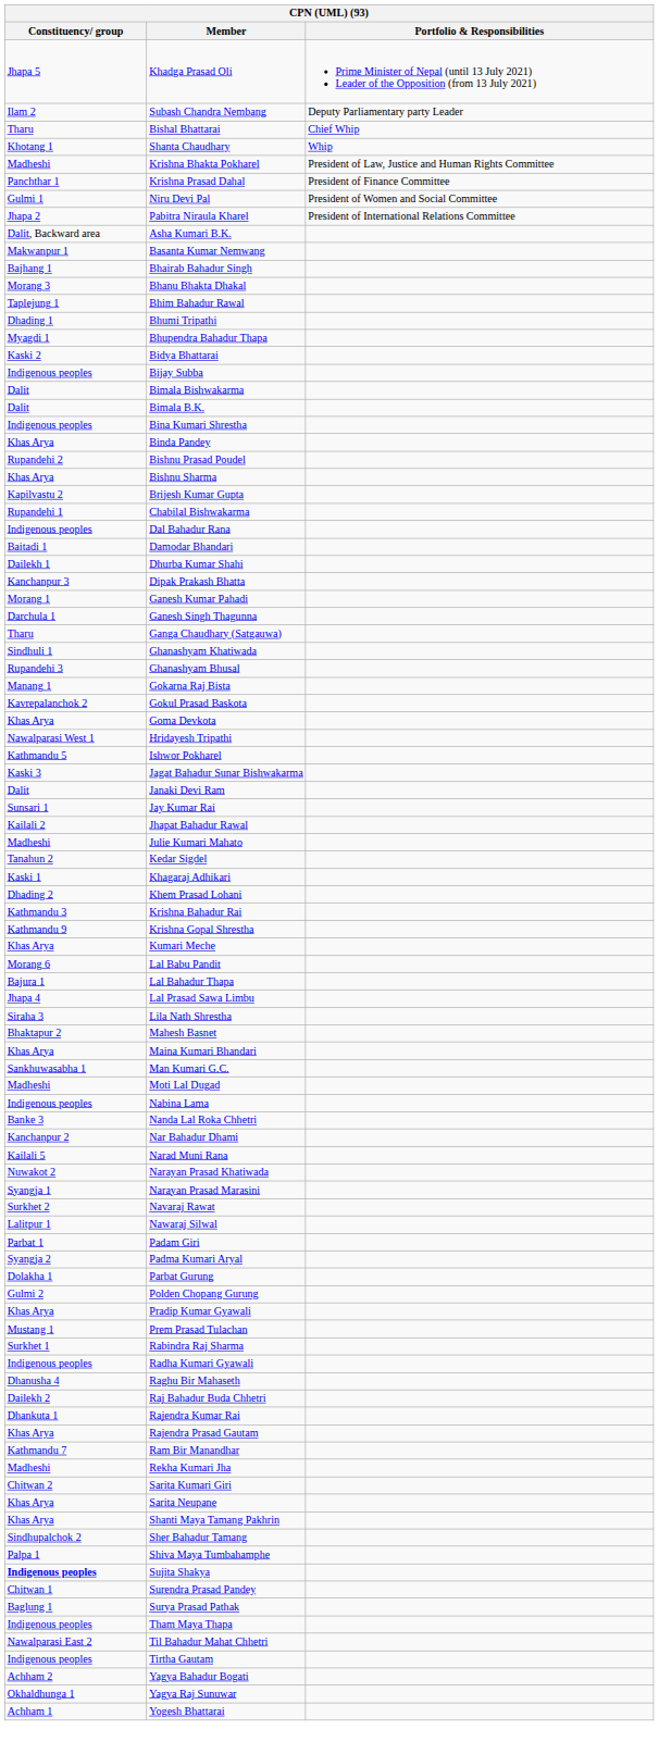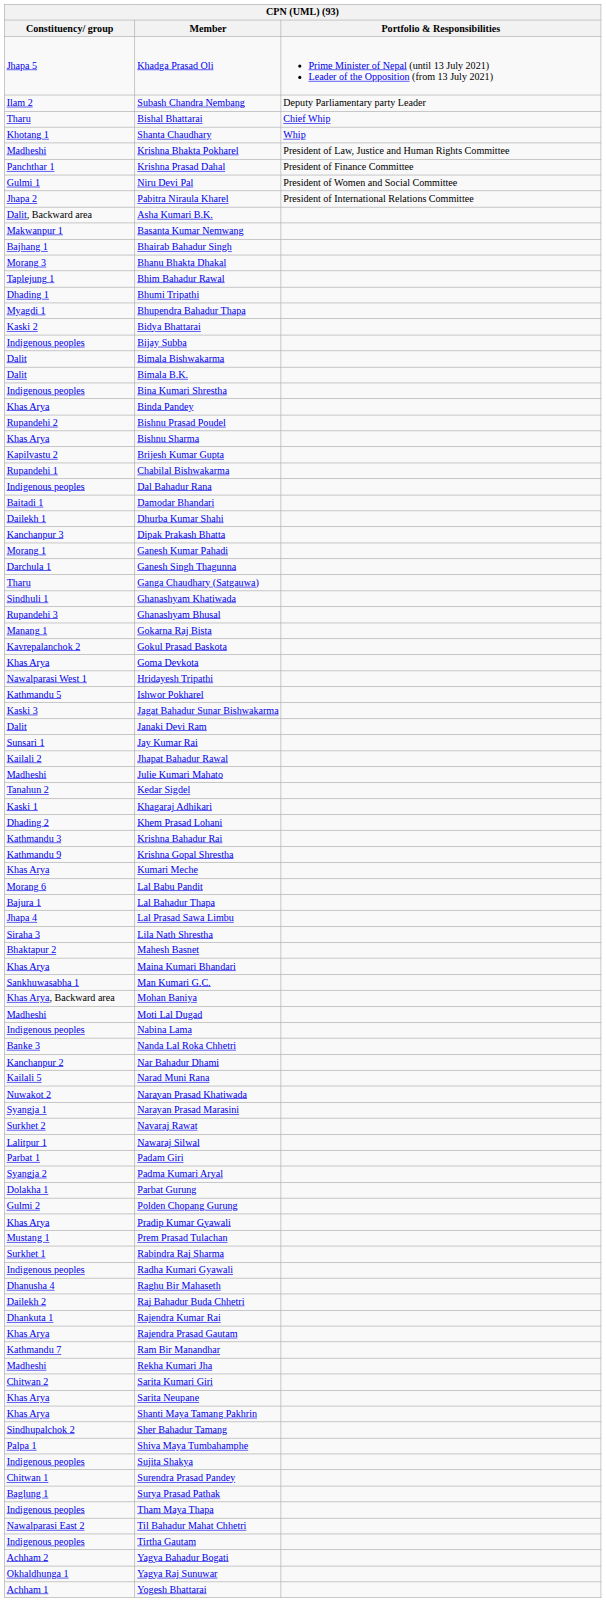 <table class="wikitable sortable mw-collapsible mw-collapsed">
 <tr>
 <th colspan="3" style="width: 700pt; background:">CPN (UML) (93)</th>
 </tr>
 <tr>
 <th style="width:150pt;">Constituency/ group</th>
 <th>Member</th>
 <th style="width:375pt;">Portfolio & Responsibilities</th>
 </tr>
 <tr>
 <td><a href='#'>Jhapa 5</a></td>
 <td><a href='#'>Khadga Prasad Oli</a></td>
 <td><br><ul><li><a href='#'>Prime Minister of Nepal</a> (until 13 July 2021)</li><li><a href='#'>Leader of the Opposition</a> (from 13 July 2021)</li></ul></td>
 </tr>
 <tr>
 <td><a href='#'>Ilam 2</a></td>
 <td><a href='#'>Subash Chandra Nembang</a></td>
 <td>Deputy Parliamentary party Leader</td>
 </tr>
 <tr>
 <td><a href='#'>Tharu</a></td>
 <td><a href='#'>Bishal Bhattarai</a></td>
 <td><a href='#'>Chief Whip</a></td>
 </tr>
 <tr>
 <td><a href='#'>Khotang 1</a></td>
 <td><a href='#'>Shanta Chaudhary</a></td>
 <td><a href='#'>Whip</a></td>
 </tr>
 <tr>
 <td><a href='#'>Madheshi</a></td>
 <td><a href='#'>Krishna Bhakta Pokharel</a></td>
 <td>President of Law, Justice and Human Rights Committee</td>
 </tr>
 <tr>
 <td><a href='#'>Panchthar 1</a></td>
 <td><a href='#'>Krishna Prasad Dahal</a></td>
 <td>President of Finance Committee</td>
 </tr>
 <tr>
 <td><a href='#'>Gulmi 1</a></td>
 <td><a href='#'>Niru Devi Pal</a></td>
 <td>President of Women and Social Committee</td>
 </tr>
 <tr>
 <td><a href='#'>Jhapa 2</a></td>
 <td><a href='#'>Pabitra Niraula Kharel</a></td>
 <td>President of International Relations Committee</td>
 </tr>
 <tr>
 <td><a href='#'>Dalit</a>, Backward area</td>
 <td><a href='#'>Asha Kumari B.K.</a></td>
 <td></td>
 </tr>
 <tr>
 <td><a href='#'>Makwanpur 1</a></td>
 <td><a href='#'>Basanta Kumar Nemwang</a></td>
 <td></td>
 </tr>
 <tr>
 <td><a href='#'>Bajhang 1</a></td>
 <td><a href='#'>Bhairab Bahadur Singh</a></td>
 <td></td>
 </tr>
 <tr>
 <td><a href='#'>Morang 3</a></td>
 <td><a href='#'>Bhanu Bhakta Dhakal</a></td>
 <td></td>
 </tr>
 <tr>
 <td><a href='#'>Taplejung 1</a></td>
 <td><a href='#'>Bhim Bahadur Rawal</a></td>
 <td></td>
 </tr>
 <tr>
 <td><a href='#'>Dhading 1</a></td>
 <td><a href='#'>Bhumi Tripathi</a></td>
 <td></td>
 </tr>
 <tr>
 <td><a href='#'>Myagdi 1</a></td>
 <td><a href='#'>Bhupendra Bahadur Thapa</a></td>
 <td></td>
 </tr>
 <tr>
 <td><a href='#'>Kaski 2</a></td>
 <td><a href='#'>Bidya Bhattarai</a></td>
 <td></td>
 </tr>
 <tr>
 <td><a href='#'>Indigenous peoples</a></td>
 <td><a href='#'>Bijay Subba</a></td>
 <td></td>
 </tr>
 <tr>
 <td><a href='#'>Dalit</a></td>
 <td><a href='#'>Bimala Bishwakarma</a></td>
 <td></td>
 </tr>
 <tr>
 <td><a href='#'>Dalit</a></td>
 <td><a href='#'>Bimala B.K.</a></td>
 <td></td>
 </tr>
 <tr>
 <td><a href='#'>Indigenous peoples</a></td>
 <td><a href='#'>Bina Kumari Shrestha</a></td>
 <td></td>
 </tr>
 <tr>
 <td><a href='#'>Khas Arya</a></td>
 <td><a href='#'>Binda Pandey</a></td>
 <td></td>
 </tr>
 <tr>
 <td><a href='#'>Rupandehi 2</a></td>
 <td><a href='#'>Bishnu Prasad Poudel</a></td>
 <td></td>
 </tr>
 <tr>
 <td><a href='#'>Khas Arya</a></td>
 <td><a href='#'>Bishnu Sharma</a></td>
 <td></td>
 </tr>
 <tr>
 <td><a href='#'>Kapilvastu 2</a></td>
 <td><a href='#'>Brijesh Kumar Gupta</a></td>
 <td></td>
 </tr>
 <tr>
 <td><a href='#'>Rupandehi 1</a></td>
 <td><a href='#'>Chabilal Bishwakarma</a></td>
 <td></td>
 </tr>
 <tr>
 <td><a href='#'>Indigenous peoples</a></td>
 <td><a href='#'>Dal Bahadur Rana</a></td>
 <td></td>
 </tr>
 <tr>
 <td><a href='#'>Baitadi 1</a></td>
 <td><a href='#'>Damodar Bhandari</a></td>
 <td></td>
 </tr>
 <tr>
 <td><a href='#'>Dailekh 1</a></td>
 <td><a href='#'>Dhurba Kumar Shahi</a></td>
 <td></td>
 </tr>
 <tr>
 <td><a href='#'>Kanchanpur 3</a></td>
 <td><a href='#'>Dipak Prakash Bhatta</a></td>
 <td></td>
 </tr>
 <tr>
 <td><a href='#'>Morang 1</a></td>
 <td><a href='#'>Ganesh Kumar Pahadi</a></td>
 <td></td>
 </tr>
 <tr>
 <td><a href='#'>Darchula 1</a></td>
 <td><a href='#'>Ganesh Singh Thagunna</a></td>
 <td></td>
 </tr>
 <tr>
 <td><a href='#'>Tharu</a></td>
 <td><a href='#'>Ganga Chaudhary (Satgauwa)</a></td>
 <td></td>
 </tr>
 <tr>
 <td><a href='#'>Sindhuli 1</a></td>
 <td><a href='#'>Ghanashyam Khatiwada</a></td>
 <td></td>
 </tr>
 <tr>
 <td><a href='#'>Rupandehi 3</a></td>
 <td><a href='#'>Ghanashyam Bhusal</a></td>
 <td></td>
 </tr>
 <tr>
 <td><a href='#'>Manang 1</a></td>
 <td><a href='#'>Gokarna Raj Bista</a></td>
 <td></td>
 </tr>
 <tr>
 <td><a href='#'>Kavrepalanchok 2</a></td>
 <td><a href='#'>Gokul Prasad Baskota</a></td>
 <td></td>
 </tr>
 <tr>
 <td><a href='#'>Khas Arya</a></td>
 <td><a href='#'>Goma Devkota</a></td>
 <td></td>
 </tr>
 <tr>
 <td><a href='#'>Nawalparasi West 1</a></td>
 <td><a href='#'>Hridayesh Tripathi</a></td>
 <td></td>
 </tr>
 <tr>
 <td><a href='#'>Kathmandu 5</a></td>
 <td><a href='#'>Ishwor Pokharel</a></td>
 <td></td>
 </tr>
 <tr>
 <td><a href='#'>Kaski 3</a></td>
 <td><a href='#'>Jagat Bahadur Sunar Bishwakarma</a></td>
 <td></td>
 </tr>
 <tr>
 <td><a href='#'>Dalit</a></td>
 <td><a href='#'>Janaki Devi Ram</a></td>
 <td></td>
 </tr>
 <tr>
 <td><a href='#'>Sunsari 1</a></td>
 <td><a href='#'>Jay Kumar Rai</a></td>
 <td></td>
 </tr>
 <tr>
 <td><a href='#'>Kailali 2</a></td>
 <td><a href='#'>Jhapat Bahadur Rawal</a></td>
 <td></td>
 </tr>
 <tr>
 <td><a href='#'>Madheshi</a></td>
 <td><a href='#'>Julie Kumari Mahato</a></td>
 <td></td>
 </tr>
 <tr>
 <td><a href='#'>Tanahun 2</a></td>
 <td><a href='#'>Kedar Sigdel</a></td>
 <td></td>
 </tr>
 <tr>
 <td><a href='#'>Kaski 1</a></td>
 <td><a href='#'>Khagaraj Adhikari</a></td>
 <td></td>
 </tr>
 <tr>
 <td><a href='#'>Dhading 2</a></td>
 <td><a href='#'>Khem Prasad Lohani</a></td>
 <td></td>
 </tr>
 <tr>
 <td><a href='#'>Kathmandu 3</a></td>
 <td><a href='#'>Krishna Bahadur Rai</a></td>
 <td></td>
 </tr>
 <tr>
 <td><a href='#'>Kathmandu 9</a></td>
 <td><a href='#'>Krishna Gopal Shrestha</a></td>
 <td></td>
 </tr>
 <tr>
 <td><a href='#'>Khas Arya</a></td>
 <td><a href='#'>Kumari Meche</a></td>
 <td></td>
 </tr>
 <tr>
 <td><a href='#'>Morang 6</a></td>
 <td><a href='#'>Lal Babu Pandit</a></td>
 <td></td>
 </tr>
 <tr>
 <td><a href='#'>Bajura 1</a></td>
 <td><a href='#'>Lal Bahadur Thapa</a></td>
 <td></td>
 </tr>
 <tr>
 <td><a href='#'>Jhapa 4</a></td>
 <td><a href='#'>Lal Prasad Sawa Limbu</a></td>
 <td></td>
 </tr>
 <tr>
 <td><a href='#'>Siraha 3</a></td>
 <td><a href='#'>Lila Nath Shrestha</a></td>
 <td></td>
 </tr>
 <tr>
 <td><a href='#'>Bhaktapur 2</a></td>
 <td><a href='#'>Mahesh Basnet</a></td>
 <td></td>
 </tr>
 <tr>
 <td><a href='#'>Khas Arya</a></td>
 <td><a href='#'>Maina Kumari Bhandari</a></td>
 <td></td>
 </tr>
 <tr>
 <td><a href='#'>Sankhuwasabha 1</a></td>
 <td><a href='#'>Man Kumari G.C.</a></td>
 <td></td>
 </tr>
 <tr>
+<td><a href='#'>Khas Arya</a>, Backward area</td>
+<td><a href='#'>Mohan Baniya</a></td>
+<td></td>
+</tr>
+<tr>
 <td><a href='#'>Madheshi</a></td>
 <td><a href='#'>Moti Lal Dugad</a></td>
 <td></td>
 </tr>
 <tr>
 <td><a href='#'>Indigenous peoples</a></td>
 <td><a href='#'>Nabina Lama</a></td>
 <td></td>
 </tr>
 <tr>
 <td><a href='#'>Banke 3</a></td>
 <td><a href='#'>Nanda Lal Roka Chhetri</a></td>
 <td></td>
 </tr>
 <tr>
 <td><a href='#'>Kanchanpur 2</a></td>
 <td><a href='#'>Nar Bahadur Dhami</a></td>
 <td></td>
 </tr>
 <tr>
 <td><a href='#'>Kailali 5</a></td>
 <td><a href='#'>Narad Muni Rana</a></td>
 <td></td>
 </tr>
 <tr>
 <td><a href='#'>Nuwakot 2</a></td>
 <td><a href='#'>Narayan Prasad Khatiwada</a></td>
 <td></td>
 </tr>
 <tr>
 <td><a href='#'>Syangja 1</a></td>
 <td><a href='#'>Narayan Prasad Marasini</a></td>
 <td></td>
 </tr>
 <tr>
 <td><a href='#'>Surkhet 2</a></td>
 <td><a href='#'>Navaraj Rawat</a></td>
 <td></td>
 </tr>
 <tr>
 <td><a href='#'>Lalitpur 1</a></td>
 <td><a href='#'>Nawaraj Silwal</a></td>
 <td></td>
 </tr>
 <tr>
 <td><a href='#'>Parbat 1</a></td>
 <td><a href='#'>Padam Giri</a></td>
 <td></td>
 </tr>
 <tr>
 <td><a href='#'>Syangja 2</a></td>
 <td><a href='#'>Padma Kumari Aryal</a></td>
 <td></td>
 </tr>
 <tr>
 <td><a href='#'>Dolakha 1</a></td>
 <td><a href='#'>Parbat Gurung</a></td>
 <td></td>
 </tr>
 <tr>
 <td><a href='#'>Gulmi 2</a></td>
 <td><a href='#'>Polden Chopang Gurung</a></td>
 <td></td>
 </tr>
 <tr>
 <td><a href='#'>Khas Arya</a></td>
 <td><a href='#'>Pradip Kumar Gyawali</a></td>
 <td></td>
 </tr>
 <tr>
 <td><a href='#'>Mustang 1</a></td>
 <td><a href='#'>Prem Prasad Tulachan</a></td>
 <td></td>
 </tr>
 <tr>
 <td><a href='#'>Surkhet 1</a></td>
 <td><a href='#'>Rabindra Raj Sharma</a></td>
 <td></td>
 </tr>
 <tr>
 <td><a href='#'>Indigenous peoples</a></td>
 <td><a href='#'>Radha Kumari Gyawali</a></td>
 <td></td>
 </tr>
 <tr>
 <td><a href='#'>Dhanusha 4</a></td>
 <td><a href='#'>Raghu Bir Mahaseth</a></td>
 <td></td>
 </tr>
 <tr>
 <td><a href='#'>Dailekh 2</a></td>
 <td><a href='#'>Raj Bahadur Buda Chhetri</a></td>
 <td></td>
 </tr>
 <tr>
 <td><a href='#'>Dhankuta 1</a></td>
 <td><a href='#'>Rajendra Kumar Rai</a></td>
 <td></td>
 </tr>
 <tr>
 <td><a href='#'>Khas Arya</a></td>
 <td><a href='#'>Rajendra Prasad Gautam</a></td>
 <td></td>
 </tr>
 <tr>
 <td><a href='#'>Kathmandu 7</a></td>
 <td><a href='#'>Ram Bir Manandhar</a></td>
 <td></td>
 </tr>
 <tr>
 <td><a href='#'>Madheshi</a></td>
 <td><a href='#'>Rekha Kumari Jha</a></td>
 <td></td>
 </tr>
 <tr>
 <td><a href='#'>Chitwan 2</a></td>
 <td><a href='#'>Sarita Kumari Giri</a></td>
 <td></td>
 </tr>
 <tr>
 <td><a href='#'>Khas Arya</a></td>
 <td><a href='#'>Sarita Neupane</a></td>
 <td></td>
 </tr>
 <tr>
 <td><a href='#'>Khas Arya</a></td>
 <td><a href='#'>Shanti Maya Tamang Pakhrin</a></td>
 <td></td>
 </tr>
 <tr>
 <td><a href='#'>Sindhupalchok 2</a></td>
 <td><a href='#'>Sher Bahadur Tamang</a></td>
 <td></td>
 </tr>
 <tr>
 <td><a href='#'>Palpa 1</a></td>
 <td><a href='#'>Shiva Maya Tumbahamphe</a></td>
 <td></td>
 </tr>
 <tr>
-<td><strong><a href='#'>Indigenous peoples</a></strong></td>
+<td><a href='#'>Indigenous peoples</a></td>
 <td><a href='#'>Sujita Shakya</a></td>
 <td></td>
 </tr>
 <tr>
 <td><a href='#'>Chitwan 1</a></td>
 <td><a href='#'>Surendra Prasad Pandey</a></td>
 <td></td>
 </tr>
 <tr>
 <td><a href='#'>Baglung 1</a></td>
 <td><a href='#'>Surya Prasad Pathak</a></td>
 <td></td>
 </tr>
 <tr>
 <td><a href='#'>Indigenous peoples</a></td>
 <td><a href='#'>Tham Maya Thapa</a></td>
 <td></td>
 </tr>
 <tr>
 <td><a href='#'>Nawalparasi East 2</a></td>
 <td><a href='#'>Til Bahadur Mahat Chhetri</a></td>
 <td></td>
 </tr>
 <tr>
 <td><a href='#'>Indigenous peoples</a></td>
 <td><a href='#'>Tirtha Gautam</a></td>
 <td></td>
 </tr>
 <tr>
 <td><a href='#'>Achham 2</a></td>
 <td><a href='#'>Yagya Bahadur Bogati</a></td>
 <td></td>
 </tr>
 <tr>
 <td><a href='#'>Okhaldhunga 1</a></td>
 <td><a href='#'>Yagya Raj Sunuwar</a></td>
 <td></td>
 </tr>
 <tr>
 <td><a href='#'>Achham 1</a></td>
 <td><a href='#'>Yogesh Bhattarai</a></td>
 <td></td>
 </tr>
 </table>
